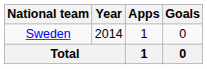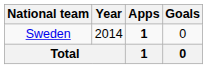 <table class="wikitable" style="text-align: center;">
 <tr>
 <th>National team</th>
 <th>Year</th>
 <th>Apps</th>
 <th>Goals</th>
 </tr>
 <tr>
 <td><a href='#'>Sweden</a></td>
 <td>2014</td>
-<td>1</td>
+<td><strong>1</strong></td>
 <td>0</td>
 </tr>
 <tr>
 <th colspan="2">Total</th>
 <th>1</th>
 <th>0</th>
 </tr>
 </table>
